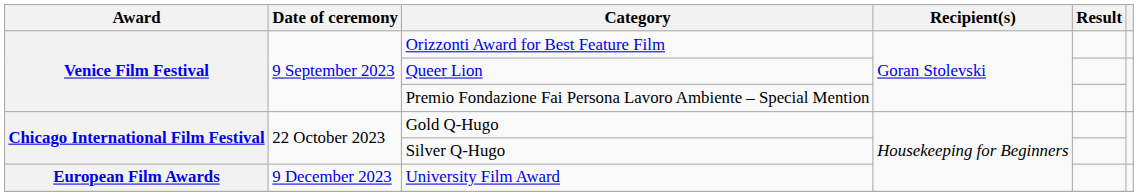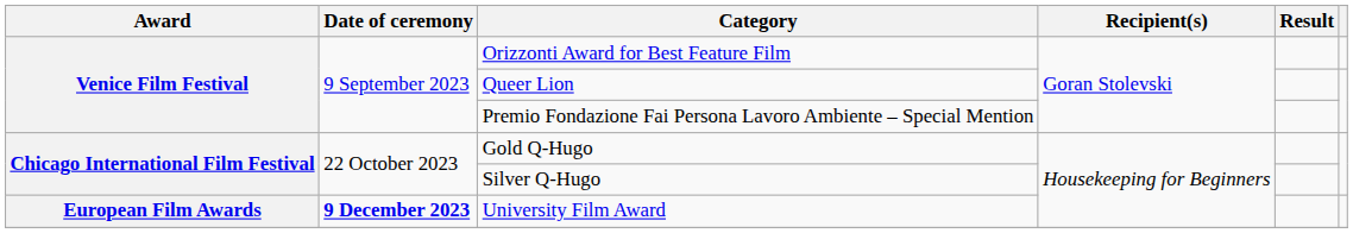 <table class="wikitable sortable plainrowheaders">
 <tr>
 <th scope="col">Award</th>
 <th scope="col">Date of ceremony</th>
 <th scope="col">Category</th>
 <th scope="col">Recipient(s)</th>
 <th scope="col">Result</th>
 <th scope="col" class="unsortable"></th>
 </tr>
 <tr>
 <th scope="row" rowspan="3"><a href='#'>Venice Film Festival</a></th>
 <td rowspan="3"><a href='#'>9 September 2023</a></td>
 <td><a href='#'>Orizzonti Award for Best Feature Film</a></td>
 <td rowspan="3"><a href='#'>Goran Stolevski</a></td>
 <td></td>
 <td style="text-align:center;"></td>
 </tr>
 <tr>
 <td><a href='#'>Queer Lion</a></td>
 <td></td>
 <td align="center" rowspan="2"></td>
 </tr>
 <tr>
 <td>Premio Fondazione Fai Persona Lavoro Ambiente – Special Mention</td>
 <td></td>
 </tr>
 <tr>
 <th scope="row" rowspan="2"><a href='#'>Chicago International Film Festival</a></th>
 <td rowspan="2">22 October 2023</td>
 <td>Gold Q-Hugo</td>
 <td rowspan="3"><em>Housekeeping for Beginners</em></td>
 <td></td>
 <td align="center" rowspan="2"></td>
 </tr>
 <tr>
 <td>Silver Q-Hugo</td>
 <td></td>
 </tr>
 <tr>
 <th scope="row"><a href='#'>European Film Awards</a></th>
-<td><a href='#'>9 December 2023</a></td>
+<td><strong><a href='#'>9 December 2023</a></strong></td>
 <td><a href='#'>University Film Award</a></td>
 <td></td>
 <td align="center"></td>
 </tr>
 <tr>
 </tr>
 </table>
